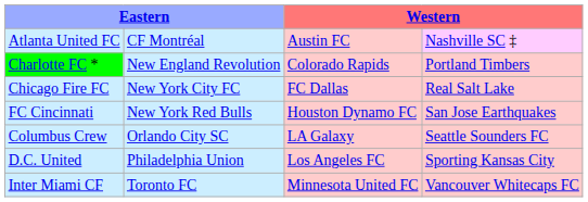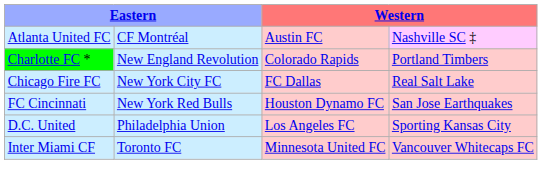 <table class="wikitable">
 <tr>
 <th colspan=2 style="background-color: #9AF;"><a href='#'>Eastern</a></th>
 <th colspan=2 style="background-color: #F77;"><a href='#'>Western</a></th>
 </tr>
 <tr>
 <td style="background-color: #CEF;"><a href='#'>Atlanta United FC</a></td>
 <td style="background-color: #CEF;"><a href='#'>CF Montréal</a></td>
 <td style="background-color: #FCC;"><a href='#'>Austin FC</a></td>
 <td style="background-color: #FCF;"><a href='#'>Nashville SC</a> ‡</td>
 </tr>
 <tr>
 <td style="background-color: #0F0;"><a href='#'>Charlotte FC</a> *</td>
 <td style="background-color: #CEF;"><a href='#'>New England Revolution</a></td>
 <td style="background-color: #FCC;"><a href='#'>Colorado Rapids</a></td>
 <td style="background-color: #FCC;"><a href='#'>Portland Timbers</a></td>
 </tr>
 <tr>
 <td style="background-color: #CEF;"><a href='#'>Chicago Fire FC</a></td>
 <td style="background-color: #CEF;"><a href='#'>New York City FC</a></td>
 <td style="background-color: #FCC;"><a href='#'>FC Dallas</a></td>
 <td style="background-color: #FCC;"><a href='#'>Real Salt Lake</a></td>
 </tr>
 <tr>
 <td style="background-color: #CEF;"><a href='#'>FC Cincinnati</a></td>
 <td style="background-color: #CEF;"><a href='#'>New York Red Bulls</a></td>
 <td style="background-color: #FCC;"><a href='#'>Houston Dynamo FC</a></td>
 <td style="background-color: #FCC;"><a href='#'>San Jose Earthquakes</a></td>
 </tr>
 <tr>
-<td style="background-color: #CEF;"><a href='#'>Columbus Crew</a></td>
-<td style="background-color: #CEF;"><a href='#'>Orlando City SC</a></td>
-<td style="background-color: #FCC;"><a href='#'>LA Galaxy</a></td>
-<td style="background-color: #FCC;"><a href='#'>Seattle Sounders FC</a></td>
-</tr>
-<tr>
 <td style="background-color: #CEF;"><a href='#'>D.C. United</a></td>
 <td style="background-color: #CEF;"><a href='#'>Philadelphia Union</a></td>
 <td style="background-color: #FCC;"><a href='#'>Los Angeles FC</a></td>
 <td style="background-color: #FCC;"><a href='#'>Sporting Kansas City</a></td>
 </tr>
 <tr>
 <td style="background-color: #CEF;"><a href='#'>Inter Miami CF</a></td>
 <td style="background-color: #CEF;"><a href='#'>Toronto FC</a></td>
 <td style="background-color: #FCC;"><a href='#'>Minnesota United FC</a></td>
 <td style="background-color: #FCC;"><a href='#'>Vancouver Whitecaps FC</a></td>
 </tr>
 </table>
